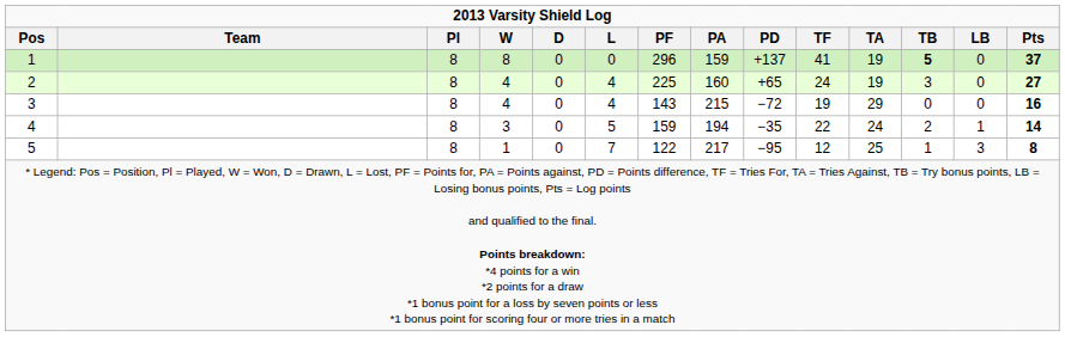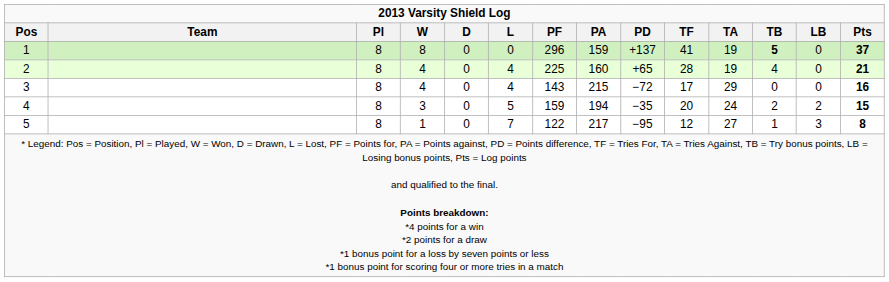 <table class="wikitable" style="text-align:center; line-height:110%; font-size:100%; width:60%;">
 <tr>
 <td colspan="14" cellpadding="0" cellspacing="0"><strong>2013 Varsity Shield Log</strong></td>
 </tr>
 <tr>
 <th style="width:5%;">Pos</th>
 <th style="width:35%;">Team</th>
 <th style="width:5%;">Pl</th>
 <th style="width:5%;">W</th>
 <th style="width:5%;">D</th>
 <th style="width:5%;">L</th>
 <th style="width:5%;">PF</th>
 <th style="width:5%;">PA</th>
 <th style="width:5%;">PD</th>
 <th style="width:5%;">TF</th>
 <th style="width:5%;">TA</th>
 <th style="width:5%;">TB</th>
 <th style="width:5%;">LB</th>
 <th style="width:5%;">Pts<br></th>
 </tr>
 <tr style="background:#D0F0C0; text-align:center;">
 <td>1</td>
 <td align=left></td>
 <td>8</td>
 <td>8</td>
 <td>0</td>
 <td>0</td>
 <td>296</td>
 <td>159</td>
 <td>+137</td>
 <td>41</td>
 <td>19</td>
 <td><strong>5</strong></td>
 <td>0</td>
 <td><strong>37</strong></td>
 </tr>
 <tr style="background:#E8FFD8; text-align:center;">
 <td>2</td>
 <td align=left></td>
 <td>8</td>
 <td>4</td>
 <td>0</td>
 <td>4</td>
 <td>225</td>
 <td>160</td>
 <td>+65</td>
-<td>24</td>
+<td>28</td>
 <td>19</td>
-<td>3</td>
+<td>4</td>
 <td>0</td>
-<td><strong>27</strong></td>
+<td><strong>21</strong></td>
 </tr>
 <tr style="background:#FFFFFF; text-align:center;">
 <td>3</td>
 <td align=left></td>
 <td>8</td>
 <td>4</td>
 <td>0</td>
 <td>4</td>
 <td>143</td>
 <td>215</td>
 <td>−72</td>
-<td>19</td>
+<td>17</td>
 <td>29</td>
 <td>0</td>
 <td>0</td>
 <td><strong>16</strong></td>
 </tr>
 <tr style="background:#FFFFFF; text-align:center;">
 <td>4</td>
 <td align=left></td>
 <td>8</td>
 <td>3</td>
 <td>0</td>
 <td>5</td>
 <td>159</td>
 <td>194</td>
 <td>−35</td>
-<td>22</td>
+<td>20</td>
 <td>24</td>
 <td>2</td>
-<td>1</td>
-<td><strong>14</strong></td>
+<td>2</td>
+<td><strong>15</strong></td>
 </tr>
 <tr style="background:#FFFFFF; text-align:center;">
 <td>5</td>
 <td align=left></td>
 <td>8</td>
 <td>1</td>
 <td>0</td>
 <td>7</td>
 <td>122</td>
 <td>217</td>
 <td>−95</td>
 <td>12</td>
-<td>25</td>
+<td>27</td>
 <td>1</td>
 <td>3</td>
 <td><strong>8</strong></td>
 </tr>
 <tr>
 <td colspan="14" style="border:0px"><small>* Legend: Pos = Position, Pl = Played, W = Won, D = Drawn, L = Lost, PF = Points for, PA = Points against, PD = Points difference, TF = Tries For, TA = Tries Against, TB = Try bonus points, LB = Losing bonus points, Pts = Log points<br><br> and  qualified to the final.<br><br><strong>Points breakdown:</strong><br>*4 points for a win<br>*2 points for a draw<br>*1 bonus point for a loss by seven points or less<br>*1 bonus point for scoring four or more tries in a match</small></td>
 </tr>
 </table>
